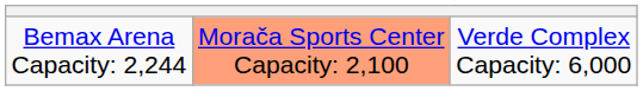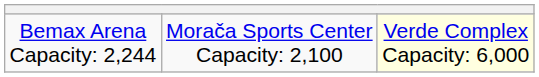 <table class="wikitable" style="text-align:center;">
 <tr>
 <th rowspan="1" colspan="8"></th>
 </tr>
 <tr>
 <td><a href='#'>Bemax Arena</a><br>Capacity: 2,244</td>
-<td style="background: lightsalmon;"><a href='#'>Morača Sports Center</a><br>Capacity: 2,100</td>
-<td><a href='#'>Verde Complex</a><br>Capacity: 6,000</td>
+<td><a href='#'>Morača Sports Center</a><br>Capacity: 2,100</td>
+<td style="background: lightyellow;"><a href='#'>Verde Complex</a><br>Capacity: 6,000</td>
 </tr>
 </table>
